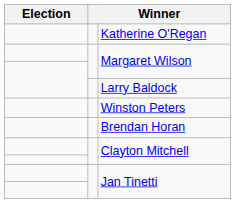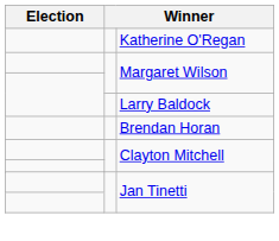 <table class=wikitable>
 <tr>
 <th width=100>Election</th>
 <th width=175 colspan=2>Winner</th>
 </tr>
 <tr>
 <td></td>
 <td width=5 bgcolor=></td>
 <td><a href='#'>Katherine O'Regan</a></td>
 </tr>
 <tr>
 <td></td>
 <td height=15 style="border-bottom:solid 0 grey; background:"></td>
 <td rowspan=2><a href='#'>Margaret Wilson</a></td>
 </tr>
 <tr>
 <td rowspan=2></td>
 <td height=15 style="border-top:solid 0 grey; background:"></td>
 </tr>
 <tr>
 <td bgcolor=></td>
 <td><a href='#'>Larry Baldock</a></td>
-</tr>
-<tr>
-<td></td>
-<td bgcolor=></td>
-<td><a href='#'>Winston Peters</a></td>
 </tr>
 <tr>
 <td></td>
 <td bgcolor=></td>
 <td><a href='#'>Brendan Horan</a></td>
 </tr>
 <tr>
 <td></td>
 <td height=15 style="border-bottom:solid 0 grey; background:"></td>
 <td rowspan=2><a href='#'>Clayton Mitchell</a></td>
 </tr>
 <tr>
 <td rowspan=2></td>
 <td height=6 style="border-top:solid 0 grey; background:"></td>
 </tr>
 <tr>
 <td height=15 rowspan=2 style="border-bottom:solid 0 grey; background:"></td>
 <td rowspan=3><a href='#'>Jan Tinetti</a></td>
 </tr>
 <tr>
 <td></td>
 </tr>
 <tr>
 <td></td>
 <td height=15 style="border-top:solid 0 grey; background:"></td>
 </tr>
 </table>
